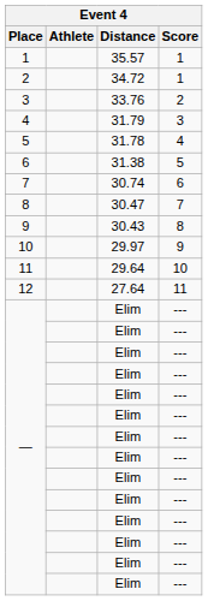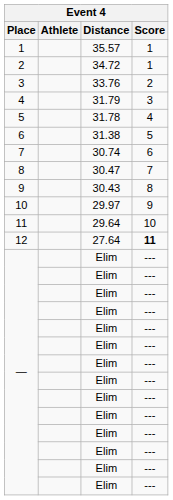 <table class=wikitable style="text-align:center">
 <tr>
 <th colspan=4><strong>Event 4</strong></th>
 </tr>
 <tr>
 <th>Place</th>
 <th>Athlete</th>
 <th>Distance</th>
 <th>Score</th>
 </tr>
 <tr>
 <td>1</td>
 <td align=left></td>
 <td>35.57</td>
 <td>1</td>
 </tr>
 <tr>
 <td>2</td>
 <td align=left></td>
 <td>34.72</td>
 <td>1</td>
 </tr>
 <tr>
 <td>3</td>
 <td align=left></td>
 <td>33.76</td>
 <td>2</td>
 </tr>
 <tr>
 <td>4</td>
 <td align=left></td>
 <td>31.79</td>
 <td>3</td>
 </tr>
 <tr>
 <td>5</td>
 <td align=left></td>
 <td>31.78</td>
 <td>4</td>
 </tr>
 <tr>
 <td>6</td>
 <td align=left></td>
 <td>31.38</td>
 <td>5</td>
 </tr>
 <tr>
 <td>7</td>
 <td align=left></td>
 <td>30.74</td>
 <td>6</td>
 </tr>
 <tr>
 <td>8</td>
 <td align=left></td>
 <td>30.47</td>
 <td>7</td>
 </tr>
 <tr>
 <td>9</td>
 <td align=left></td>
 <td>30.43</td>
 <td>8</td>
 </tr>
 <tr>
 <td>10</td>
 <td align=left></td>
 <td>29.97</td>
 <td>9</td>
 </tr>
 <tr>
 <td>11</td>
 <td align=left></td>
 <td>29.64</td>
 <td>10</td>
 </tr>
 <tr>
 <td>12</td>
 <td align=left></td>
 <td>27.64</td>
-<td>11</td>
+<td><strong>11</strong></td>
 </tr>
 <tr>
 <td rowspan=14>—</td>
 <td align=left></td>
 <td>Elim</td>
 <td>---</td>
 </tr>
 <tr>
 <td align=left></td>
 <td>Elim</td>
 <td>---</td>
 </tr>
 <tr>
 <td align=left></td>
 <td>Elim</td>
 <td>---</td>
 </tr>
 <tr>
 <td align=left></td>
 <td>Elim</td>
 <td>---</td>
 </tr>
 <tr>
 <td align=left></td>
 <td>Elim</td>
 <td>---</td>
 </tr>
 <tr>
 <td align=left></td>
 <td>Elim</td>
 <td>---</td>
 </tr>
 <tr>
 <td align=left></td>
 <td>Elim</td>
 <td>---</td>
 </tr>
 <tr>
 <td align=left></td>
 <td>Elim</td>
 <td>---</td>
 </tr>
 <tr>
 <td align=left></td>
 <td>Elim</td>
 <td>---</td>
 </tr>
 <tr>
 <td align=left></td>
 <td>Elim</td>
 <td>---</td>
 </tr>
 <tr>
 <td align=left></td>
 <td>Elim</td>
 <td>---</td>
 </tr>
 <tr>
 <td align=left></td>
 <td>Elim</td>
 <td>---</td>
 </tr>
 <tr>
 <td align=left></td>
 <td>Elim</td>
 <td>---</td>
 </tr>
 <tr>
 <td align=left></td>
 <td>Elim</td>
 <td>---</td>
 </tr>
 </table>
